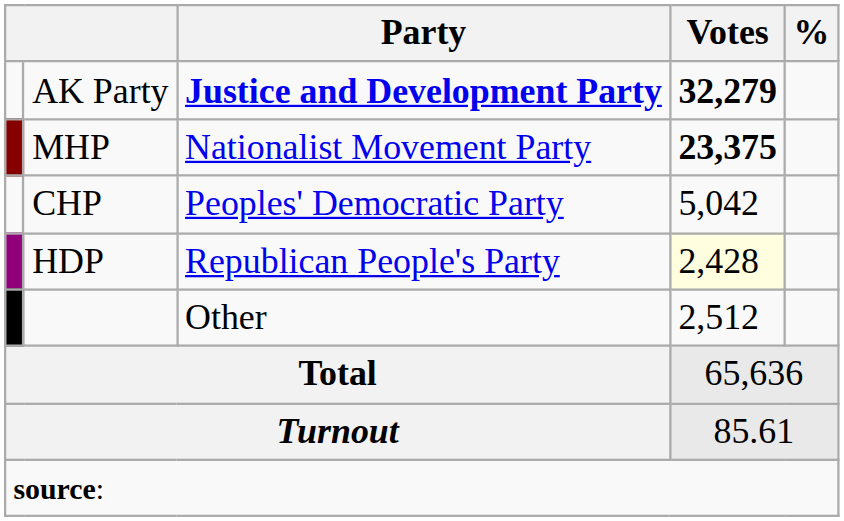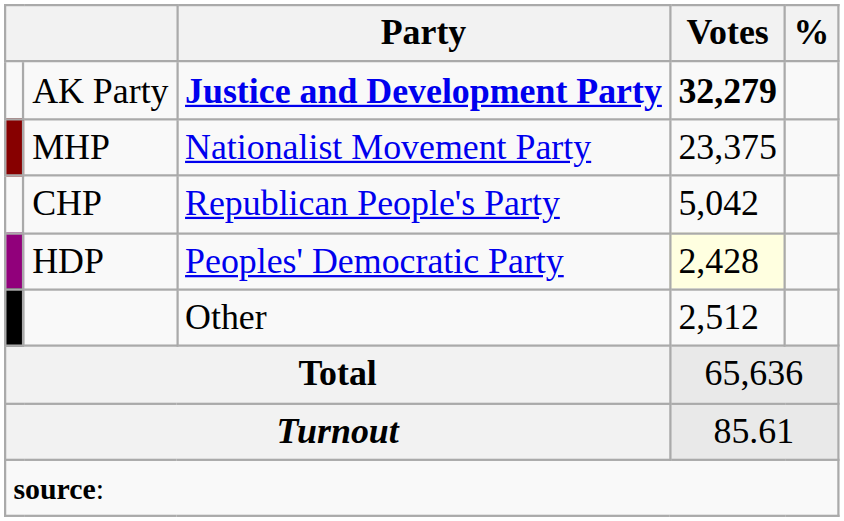 <table class="wikitable">
 <tr>
 <th colspan="2" align="center"></th>
 <th align="center">Party</th>
 <th align="center">Votes</th>
 <th align="center">%</th>
 </tr>
 <tr align="left">
 <td></td>
 <td>AK Party</td>
 <td><strong><a href='#'>Justice and Development Party</a></strong></td>
 <td><strong>32,279</strong></td>
 <td><strong></strong></td>
 </tr>
 <tr align="left">
 <td bgcolor="#870000" width="1"></td>
 <td>MHP</td>
 <td><a href='#'>Nationalist Movement Party</a></td>
-<td><strong>23,375</strong></td>
+<td>23,375</td>
 <td></td>
 </tr>
 <tr align="left">
 <td></td>
 <td>CHP</td>
-<td><a href='#'>Peoples' Democratic Party</a></td>
+<td><a href='#'>Republican People's Party</a></td>
 <td>5,042</td>
 <td></td>
 </tr>
 <tr align="left">
 <td bgcolor="#91007B" width="1"></td>
 <td>HDP</td>
-<td><a href='#'>Republican People's Party</a></td>
+<td><a href='#'>Peoples' Democratic Party</a></td>
 <td style="background: lightyellow;">2,428</td>
 <td></td>
 </tr>
 <tr align="left">
 <td bgcolor=" " width="1"></td>
 <td></td>
 <td>Other</td>
 <td>2,512</td>
 <td></td>
 </tr>
 <tr align="left" style="background-color:#E9E9E9">
 <th colspan="3" align="center"><strong>Total</strong></th>
 <td colspan="5" align="center">65,636</td>
 </tr>
 <tr align="left" style="background-color:#E9E9E9">
 <th colspan="3" align="center"><em>Turnout</em></th>
 <td colspan="5" align="center">85.61</td>
 </tr>
 <tr>
 <td colspan="9" align="left"><small><strong>source</strong>: </small></td>
 </tr>
 </table>
